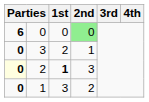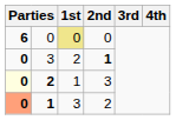 <table class="wikitable" style="text-align:right;">
 <tr>
 <th colspan=2 style="text-align:left;">Parties</th>
 <th>1st</th>
 <th>2nd</th>
 <th>3rd</th>
 <th>4th</th>
 </tr>
 <tr>
 <td><strong>6</strong></td>
 <td>0</td>
+<td style="background: khaki;">0</td>
 <td>0</td>
-<td style="background: lightgreen;">0</td>
 </tr>
 <tr>
 <td><strong>0</strong></td>
 <td>3</td>
 <td>2</td>
-<td>1</td>
+<td><strong>1</strong></td>
 </tr>
 <tr>
 <td style="background: lightyellow;"><strong>0</strong></td>
-<td>2</td>
-<td><strong>1</strong></td>
+<td><strong>2</strong></td>
+<td>1</td>
 <td>3</td>
 </tr>
 <tr>
-<td><strong>0</strong></td>
-<td>1</td>
+<td style="background: lightsalmon;"><strong>0</strong></td>
+<td><strong>1</strong></td>
 <td>3</td>
 <td>2</td>
 </tr>
 </table>
